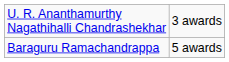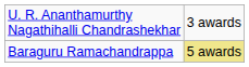 <table class="wikitable sortable">
 <tr>
 <td><a href='#'>U. R. Ananthamurthy</a><br><a href='#'>Nagathihalli Chandrashekhar</a></td>
 <td>3 awards</td>
 </tr>
 <tr>
 <td><a href='#'>Baraguru Ramachandrappa</a></td>
-<td>5 awards</td>
+<td style="background: khaki;">5 awards</td>
 </tr>
 </table>
